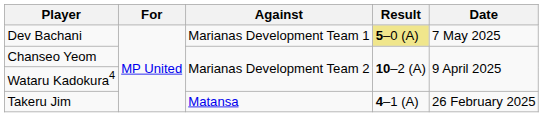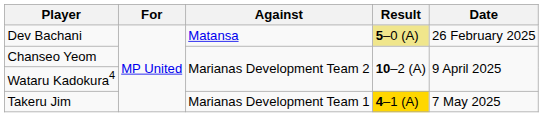 <table class="wikitable">
 <tr>
 <th>Player</th>
 <th>For</th>
 <th>Against</th>
 <th>Result</th>
 <th>Date</th>
 </tr>
 <tr>
 <td> Dev Bachani</td>
 <td rowspan="4"><a href='#'>MP United</a></td>
-<td>Marianas Development Team 1</td>
+<td><a href='#'>Matansa</a></td>
 <td style="background: khaki;"><strong>5</strong>–0 (A)</td>
-<td>7 May 2025</td>
+<td>26 February 2025</td>
 </tr>
 <tr>
 <td> Chanseo Yeom</td>
 <td rowspan="2">Marianas Development Team 2</td>
 <td rowspan="2"><strong>10</strong>–2 (A)</td>
 <td rowspan="2">9 April 2025</td>
 </tr>
 <tr>
 <td> Wataru Kadokura<sup>4</sup></td>
 </tr>
 <tr>
 <td> Takeru Jim</td>
-<td><a href='#'>Matansa</a></td>
-<td><strong>4</strong>–1 (A)</td>
-<td>26 February 2025</td>
+<td>Marianas Development Team 1</td>
+<td style="background: gold;"><strong>4</strong>–1 (A)</td>
+<td>7 May 2025</td>
 </tr>
 </table>
